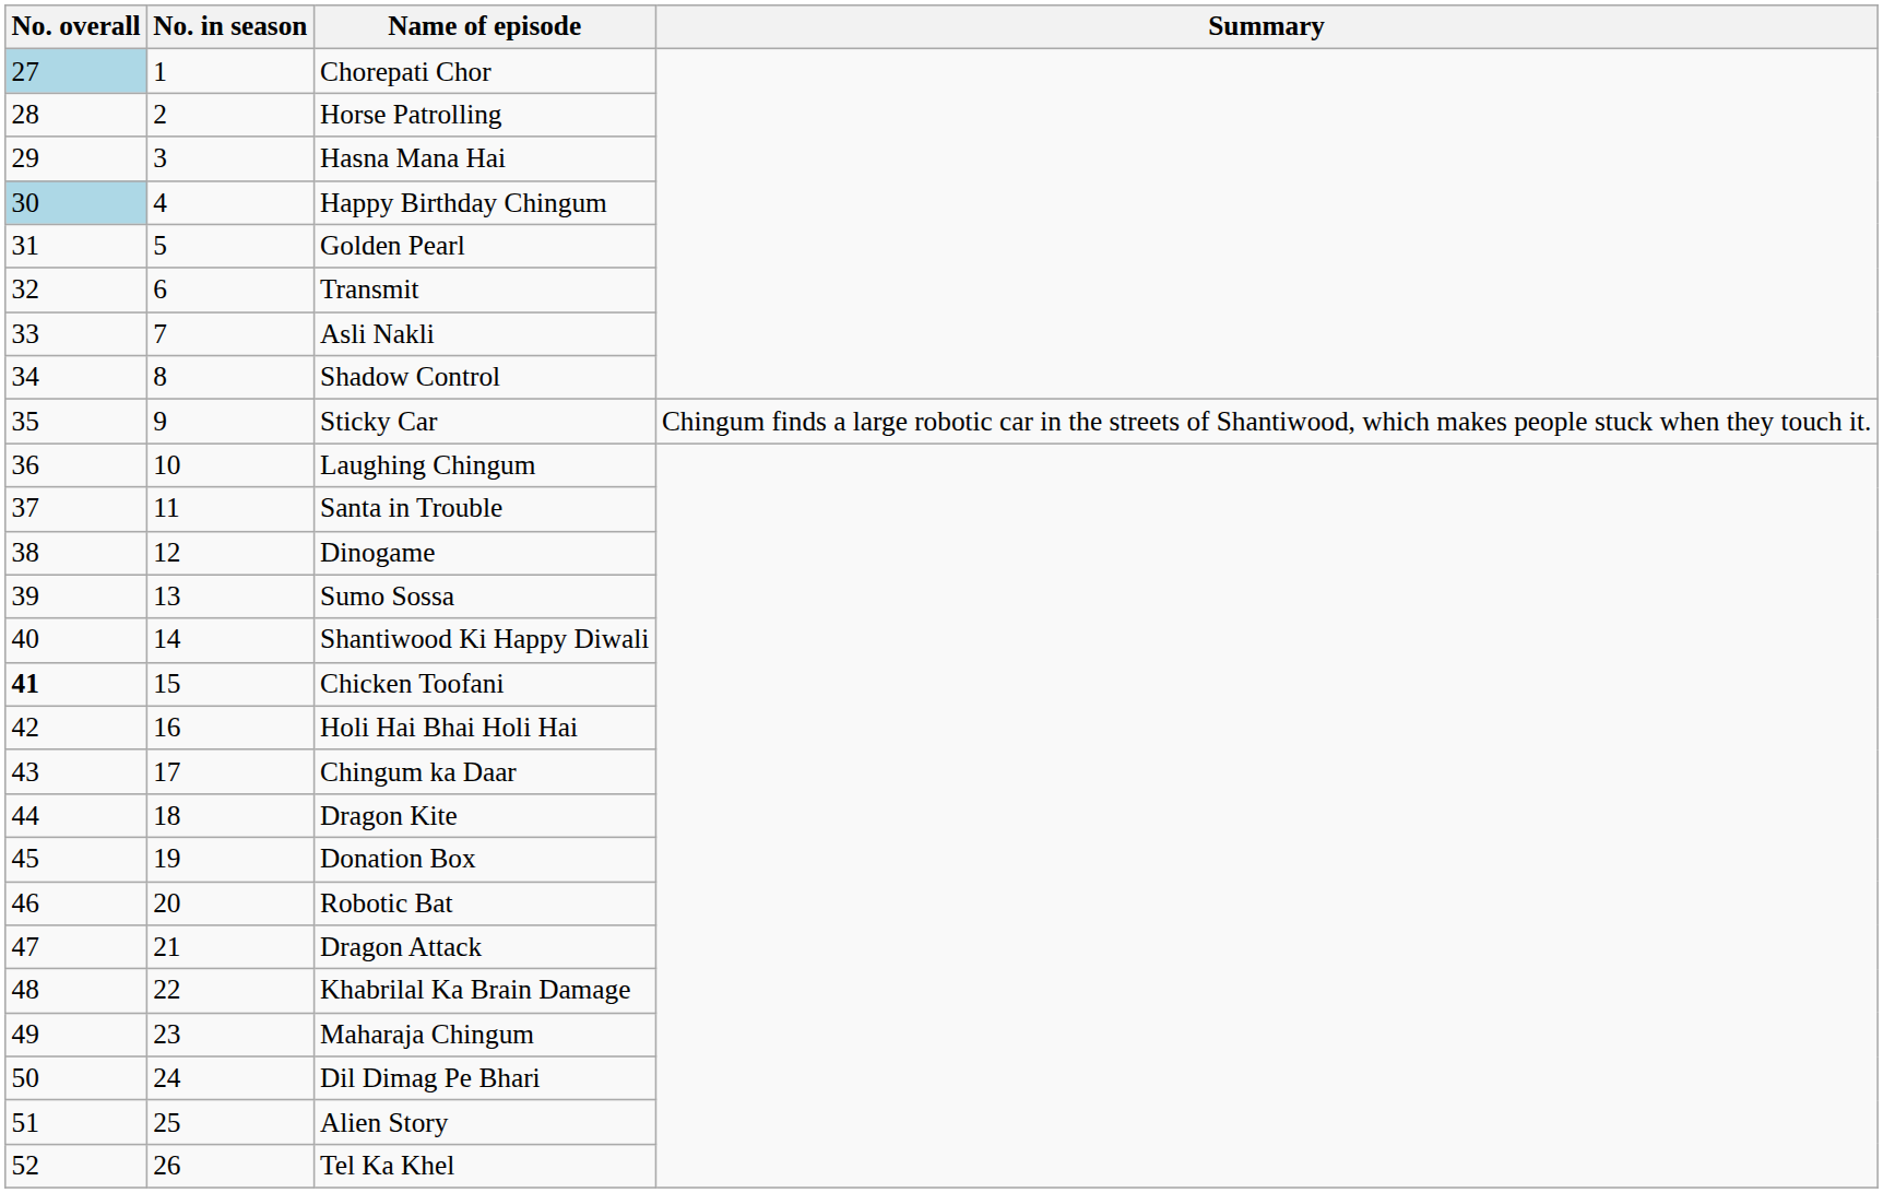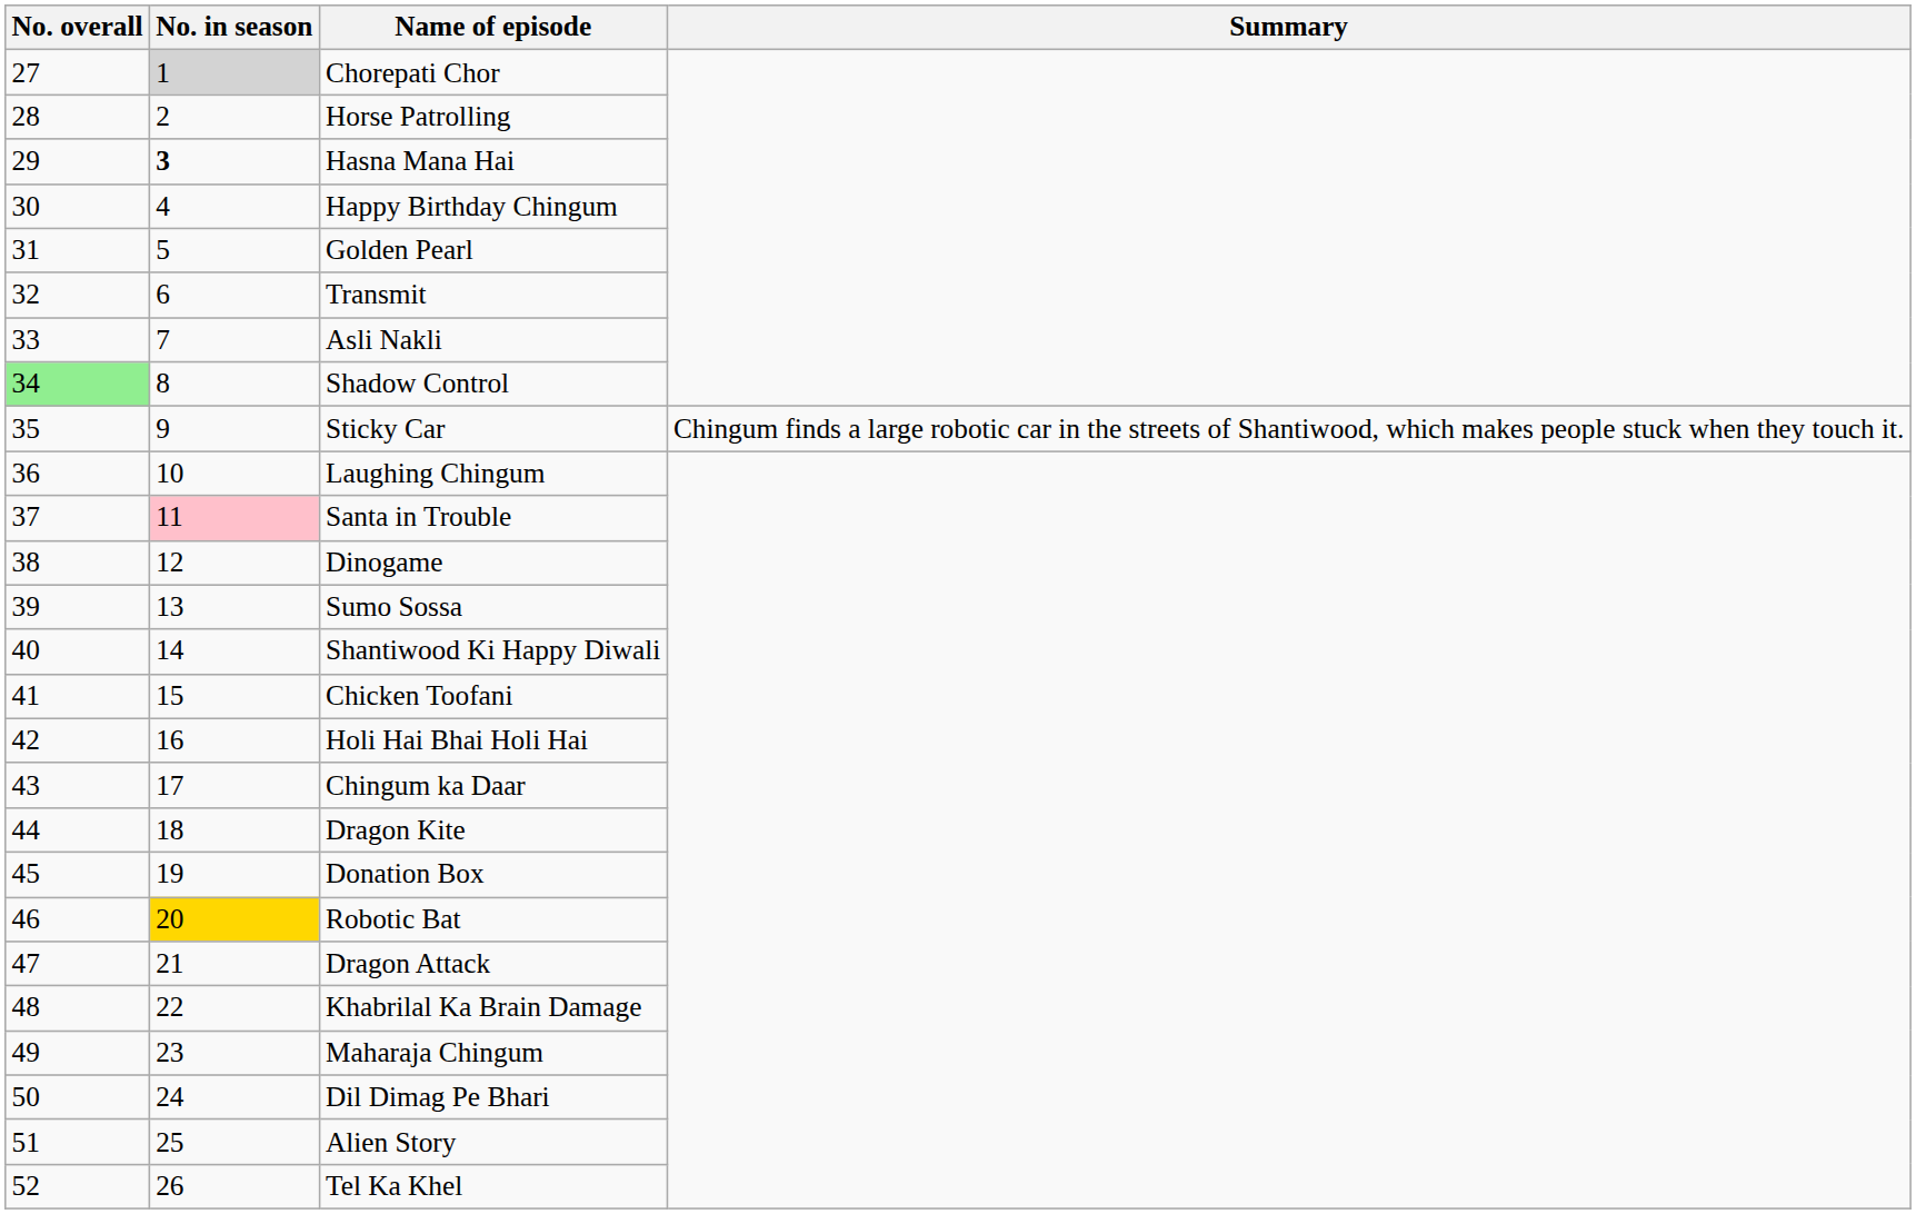 <table class="wikitable">
 <tr>
 <th>No. overall</th>
 <th>No. in season</th>
 <th>Name of episode</th>
 <th>Summary</th>
 </tr>
 <tr>
-<td style="background: lightblue;">27</td>
-<td>1</td>
+<td>27</td>
+<td style="background: lightgrey;">1</td>
 <td>Chorepati Chor</td>
 </tr>
 <tr>
 <td>28</td>
 <td>2</td>
 <td>Horse Patrolling</td>
 </tr>
 <tr>
 <td>29</td>
-<td>3</td>
+<td><strong>3</strong></td>
 <td>Hasna Mana Hai</td>
 </tr>
 <tr>
-<td style="background: lightblue;">30</td>
+<td>30</td>
 <td>4</td>
 <td>Happy Birthday Chingum</td>
 </tr>
 <tr>
 <td>31</td>
 <td>5</td>
 <td>Golden Pearl</td>
 </tr>
 <tr>
 <td>32</td>
 <td>6</td>
 <td>Transmit</td>
 </tr>
 <tr>
 <td>33</td>
 <td>7</td>
 <td>Asli Nakli</td>
 </tr>
 <tr>
-<td>34</td>
+<td style="background: lightgreen;">34</td>
 <td>8</td>
 <td>Shadow Control</td>
 </tr>
 <tr>
 <td>35</td>
 <td>9</td>
 <td>Sticky Car</td>
 <td>Chingum finds a large robotic car in the streets of Shantiwood, which makes people stuck when they touch it.</td>
 </tr>
 <tr>
 <td>36</td>
 <td>10</td>
 <td>Laughing Chingum</td>
 </tr>
 <tr>
 <td>37</td>
-<td>11</td>
+<td style="background: pink;">11</td>
 <td>Santa in Trouble</td>
 </tr>
 <tr>
 <td>38</td>
 <td>12</td>
 <td>Dinogame</td>
 </tr>
 <tr>
 <td>39</td>
 <td>13</td>
 <td>Sumo Sossa</td>
 </tr>
 <tr>
 <td>40</td>
 <td>14</td>
 <td>Shantiwood Ki Happy Diwali</td>
 </tr>
 <tr>
-<td><strong>41</strong></td>
+<td>41</td>
 <td>15</td>
 <td>Chicken Toofani</td>
 </tr>
 <tr>
 <td>42</td>
 <td>16</td>
 <td>Holi Hai Bhai Holi Hai</td>
 </tr>
 <tr>
 <td>43</td>
 <td>17</td>
 <td>Chingum ka Daar</td>
 </tr>
 <tr>
 <td>44</td>
 <td>18</td>
 <td>Dragon Kite</td>
 </tr>
 <tr>
 <td>45</td>
 <td>19</td>
 <td>Donation Box</td>
 </tr>
 <tr>
 <td>46</td>
-<td>20</td>
+<td style="background: gold;">20</td>
 <td>Robotic Bat</td>
 </tr>
 <tr>
 <td>47</td>
 <td>21</td>
 <td>Dragon Attack</td>
 </tr>
 <tr>
 <td>48</td>
 <td>22</td>
 <td>Khabrilal Ka Brain Damage</td>
 </tr>
 <tr>
 <td>49</td>
 <td>23</td>
 <td>Maharaja Chingum</td>
 </tr>
 <tr>
 <td>50</td>
 <td>24</td>
 <td>Dil Dimag Pe Bhari</td>
 </tr>
 <tr>
 <td>51</td>
 <td>25</td>
 <td>Alien Story</td>
 </tr>
 <tr>
 <td>52</td>
 <td>26</td>
 <td>Tel Ka Khel</td>
 </tr>
 </table>
